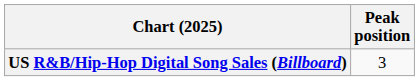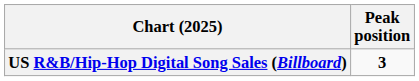 <table class="wikitable sortable plainrowheaders" style="text-align:center">
 <tr>
 <th>Chart (2025)</th>
 <th>Peak<br>position</th>
 </tr>
 <tr>
 <th scope="row">US <a href='#'>R&B/Hip-Hop Digital Song Sales</a> (<em><a href='#'>Billboard</a></em>)</th>
-<td style="text-align:center;">3</td>
+<td style="text-align:center;"><strong>3</strong></td>
 </tr>
 </table>
